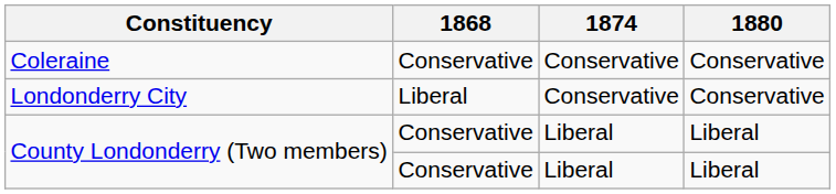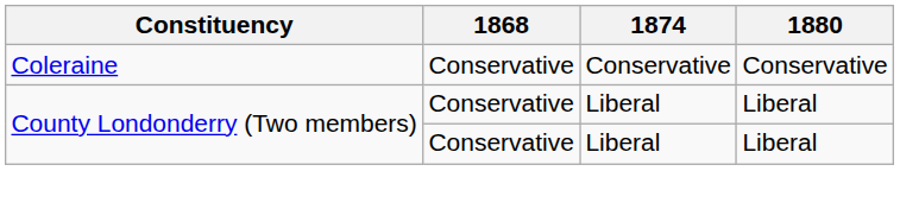 <table class="wikitable">
 <tr>
 <th>Constituency</th>
 <th>1868</th>
 <th>1874</th>
 <th>1880</th>
 </tr>
 <tr>
 <td><a href='#'>Coleraine</a></td>
 <td>Conservative</td>
-<td>Conservative</td>
-<td>Conservative</td>
-</tr>
-<tr>
-<td><a href='#'>Londonderry City</a></td>
-<td>Liberal</td>
 <td>Conservative</td>
 <td>Conservative</td>
 </tr>
 <tr>
 <td rowspan="2"><a href='#'>County Londonderry</a> (Two members)</td>
 <td>Conservative</td>
 <td>Liberal</td>
 <td>Liberal</td>
 </tr>
 <tr>
 <td>Conservative</td>
 <td>Liberal</td>
 <td>Liberal</td>
 </tr>
 </table>
